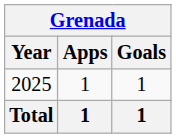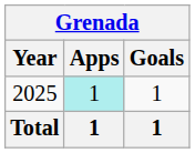 <table class="wikitable" style="text-align:center">
 <tr>
 <th colspan=3><a href='#'>Grenada</a></th>
 </tr>
 <tr>
 <th>Year</th>
 <th>Apps</th>
 <th>Goals</th>
 </tr>
 <tr>
 <td>2025</td>
-<td>1</td>
+<td style="background: paleturquoise;">1</td>
 <td>1</td>
 </tr>
 <tr>
 <th>Total</th>
 <th>1</th>
 <th>1</th>
 </tr>
 </table>
